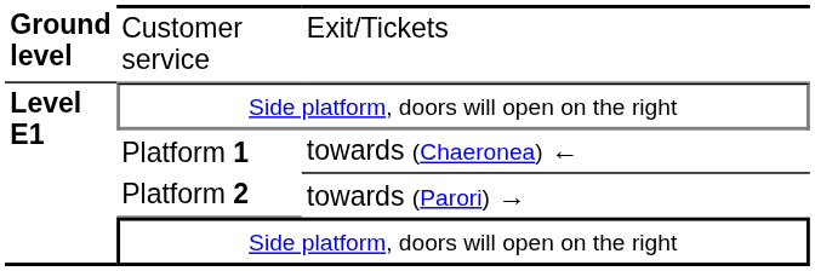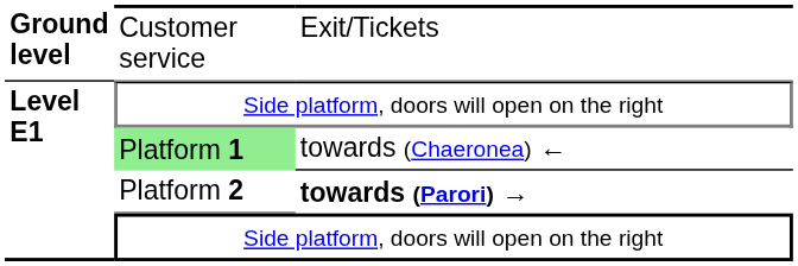 <table table border=0 cellspacing=0 cellpadding=3>
 <tr>
 <td style="border-bottom:solid 1px black;" width=50 valign=top><strong>Ground level</strong></td>
 <td style="border-top:solid 2px black;border-bottom:solid 1px gray;" width=100 valign=top>Customer service</td>
 <td style="border-top:solid 2px black;border-bottom:solid 1px gray;" width=285 valign=top>Exit/Tickets</td>
 </tr>
 <tr>
 <td style="border-bottom:solid 2px black;" rowspan=5 valign=top><strong>Level<br>Ε1</strong></td>
 <td style="border-top:solid 1px black;border-right:solid 2px gray;border-left:solid 2px gray;border-bottom:solid 2px gray;text-align:center;" colspan=2><small><a href='#'>Side platform</a>, doors will open on the right</small></td>
 </tr>
 <tr>
-<td>Platform <span><strong>1</strong></span></td>
+<td style="background: lightgreen;">Platform <span><strong>1</strong></span></td>
 <td style="border-bottom:solid 1px black;"> towards  <small>(<a href='#'>Chaeronea</a>)</small> ←</td>
 </tr>
 <tr>
 <td style="border-bottom:solid 1px gray;">Platform <span><strong>2</strong></span></td>
-<td> towards  <small>(<a href='#'>Parori</a>)</small> →</td>
+<td><strong> towards  <small>(<a href='#'>Parori</a>)</small> →</strong></td>
 </tr>
 <tr>
 </tr>
 <tr>
 <td style="border-top:solid 2px black;border-left:solid 2px black;border-right:solid 2px black;border-bottom:solid 2px black;text-align:center;" colspan=2><small><a href='#'>Side platform</a>, doors will open on the right</small></td>
 </tr>
 </table>
